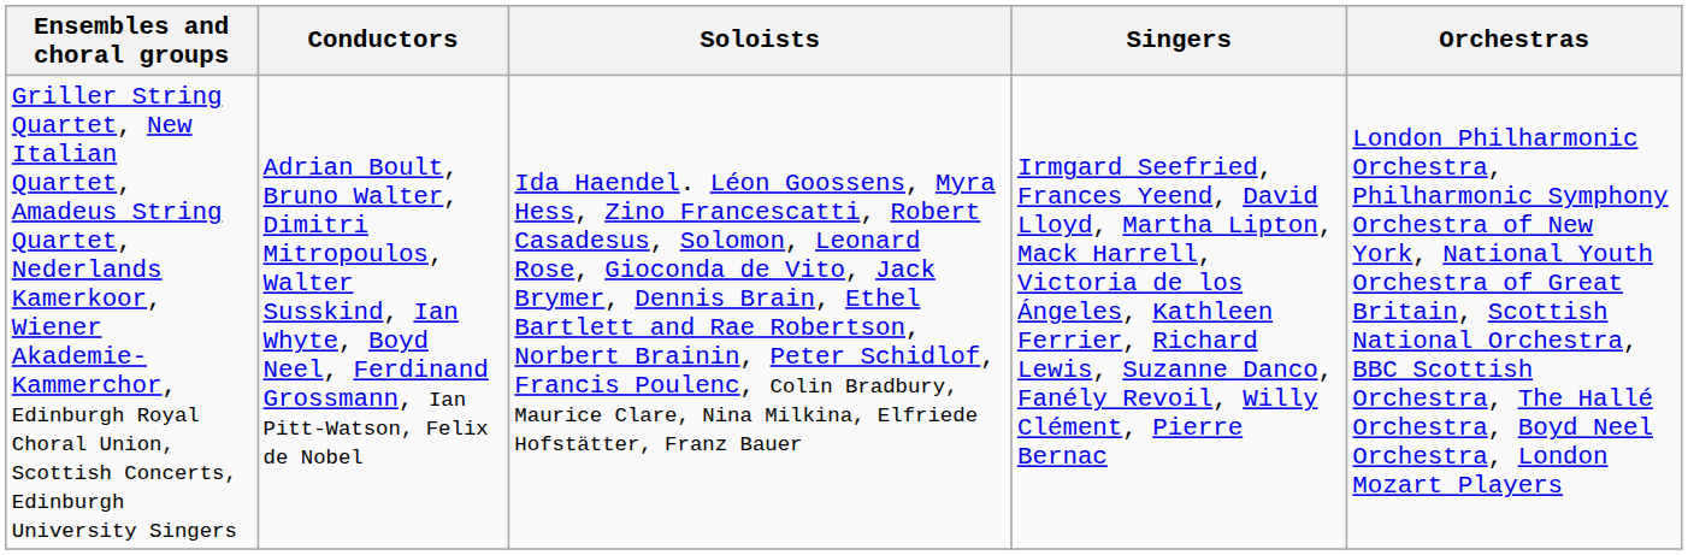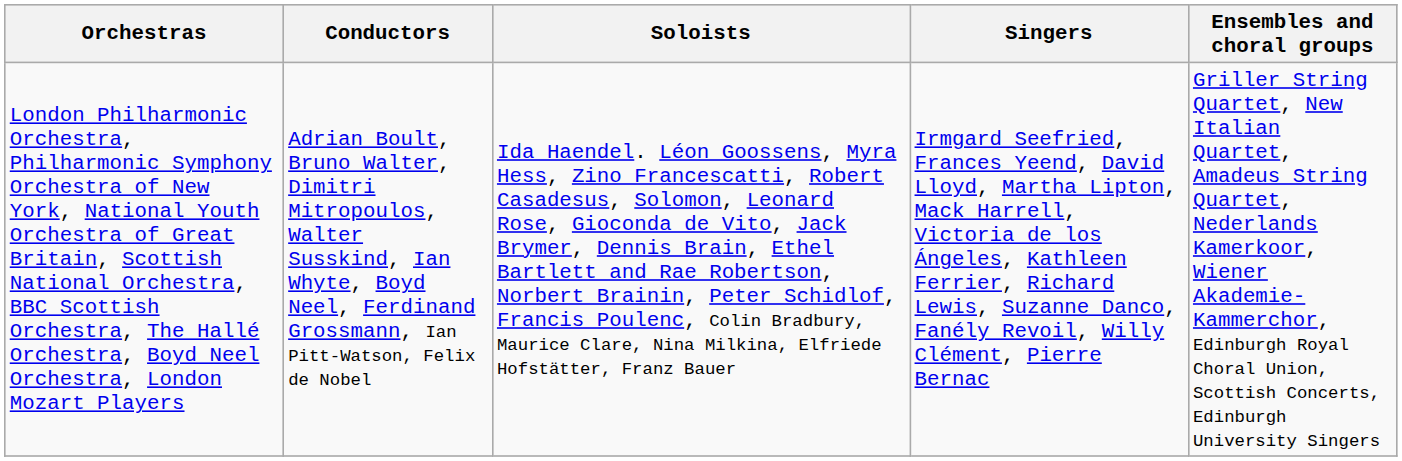 <table class="wikitable toptextcells">
 <tr class="hintergrundfarbe5">
-<th style="width:15%;">Ensembles and choral groups</th>
+<th style="width:20%;">Orchestras</th>
 <th style="width:15%;">Conductors</th>
 <th style="width:30%;">Soloists</th>
 <th style="width:20%;">Singers</th>
-<th style="width:20%;">Orchestras</th>
+<th style="width:15%;">Ensembles and choral groups</th>
 </tr>
 <tr>
-<td><a href='#'>Griller String Quartet</a>, <a href='#'>New Italian Quartet</a>, <a href='#'>Amadeus String Quartet</a>, <a href='#'>Nederlands Kamerkoor</a>, <a href='#'>Wiener Akademie-Kammerchor</a>, <small>Edinburgh Royal Choral Union, Scottish Concerts, Edinburgh University Singers</small></td>
+<td><a href='#'>London Philharmonic Orchestra</a>, <a href='#'>Philharmonic Symphony Orchestra of New York</a>, <a href='#'>National Youth Orchestra of Great Britain</a>, <a href='#'>Scottish National Orchestra</a>, <a href='#'>BBC Scottish Orchestra</a>, <a href='#'>The Hallé Orchestra</a>, <a href='#'>Boyd Neel Orchestra</a>, <a href='#'>London Mozart Players</a></td>
 <td><a href='#'>Adrian Boult</a>, <a href='#'>Bruno Walter</a>, <a href='#'>Dimitri Mitropoulos</a>, <a href='#'>Walter Susskind</a>, <a href='#'>Ian Whyte</a>, <a href='#'>Boyd Neel</a>, <a href='#'>Ferdinand Grossmann</a>, <small>Ian Pitt-Watson, Felix de Nobel</small></td>
 <td><a href='#'>Ida Haendel</a>. <a href='#'>Léon Goossens</a>, <a href='#'>Myra Hess</a>, <a href='#'>Zino Francescatti</a>, <a href='#'>Robert Casadesus</a>, <a href='#'>Solomon</a>, <a href='#'>Leonard Rose</a>, <a href='#'>Gioconda de Vito</a>, <a href='#'>Jack Brymer</a>, <a href='#'>Dennis Brain</a>, <a href='#'>Ethel Bartlett and Rae Robertson</a>, <a href='#'>Norbert Brainin</a>, <a href='#'>Peter Schidlof</a>,  <a href='#'>Francis Poulenc</a>, <small>Colin Bradbury, Maurice Clare, Nina Milkina, Elfriede Hofstätter, Franz Bauer</small></td>
 <td><a href='#'>Irmgard Seefried</a>, <a href='#'>Frances Yeend</a>, <a href='#'>David Lloyd</a>, <a href='#'>Martha Lipton</a>, <a href='#'>Mack Harrell</a>, <a href='#'>Victoria de los Ángeles</a>, <a href='#'>Kathleen Ferrier</a>, <a href='#'>Richard Lewis</a>, <a href='#'>Suzanne Danco</a>, <a href='#'>Fanély Revoil</a>, <a href='#'>Willy Clément</a>, <a href='#'>Pierre Bernac</a></td>
-<td><a href='#'>London Philharmonic Orchestra</a>, <a href='#'>Philharmonic Symphony Orchestra of New York</a>, <a href='#'>National Youth Orchestra of Great Britain</a>, <a href='#'>Scottish National Orchestra</a>, <a href='#'>BBC Scottish Orchestra</a>, <a href='#'>The Hallé Orchestra</a>, <a href='#'>Boyd Neel Orchestra</a>, <a href='#'>London Mozart Players</a></td>
+<td><a href='#'>Griller String Quartet</a>, <a href='#'>New Italian Quartet</a>, <a href='#'>Amadeus String Quartet</a>, <a href='#'>Nederlands Kamerkoor</a>, <a href='#'>Wiener Akademie-Kammerchor</a>, <small>Edinburgh Royal Choral Union, Scottish Concerts, Edinburgh University Singers</small></td>
 </tr>
 </table>
